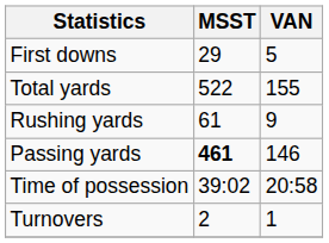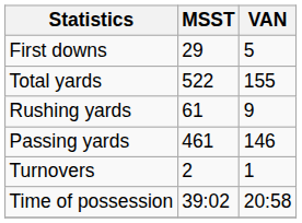 <table class="wikitable" style="float: left;">
 <tr>
 <th>Statistics</th>
 <th>MSST</th>
 <th>VAN</th>
 </tr>
 <tr>
 <td>First downs</td>
 <td>29</td>
 <td>5</td>
 </tr>
 <tr>
 <td>Total yards</td>
 <td>522</td>
 <td>155</td>
 </tr>
 <tr>
 <td>Rushing yards</td>
 <td>61</td>
 <td>9</td>
 </tr>
 <tr>
 <td>Passing yards</td>
-<td><strong>461</strong></td>
+<td>461</td>
 <td>146</td>
+</tr>
+<tr>
+<td>Turnovers</td>
+<td>2</td>
+<td>1</td>
 </tr>
 <tr>
 <td>Time of possession</td>
 <td>39:02</td>
 <td>20:58</td>
 </tr>
 <tr>
-<td>Turnovers</td>
-<td>2</td>
-<td>1</td>
-</tr>
-<tr>
 </tr>
 </table>
